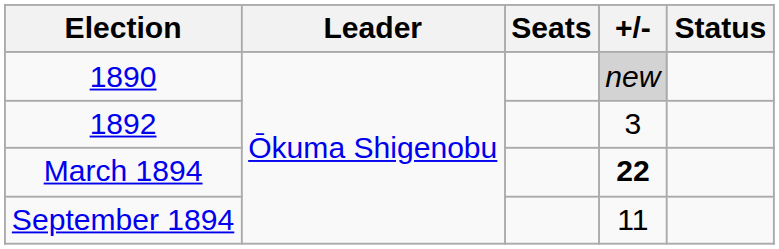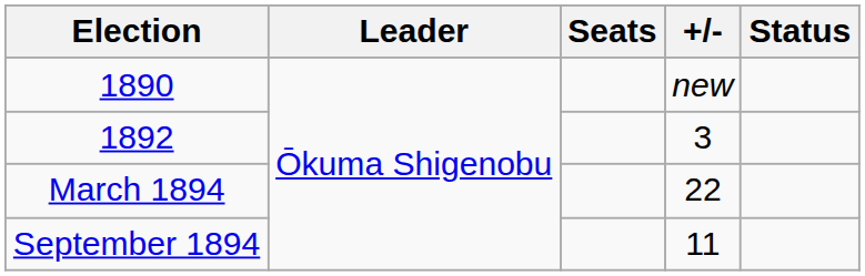 <table class="wikitable" style="text-align:center">
 <tr>
 <th>Election</th>
 <th>Leader</th>
 <th>Seats</th>
 <th>+/-</th>
 <th>Status</th>
 </tr>
 <tr>
 <td><a href='#'>1890</a></td>
 <td rowspan="5"><a href='#'>Ōkuma Shigenobu</a></td>
 <td></td>
-<td style="background: lightgrey;"><em>new</em></td>
+<td><em>new</em></td>
 <td></td>
 </tr>
 <tr>
 <td><a href='#'>1892</a></td>
 <td></td>
 <td> 3</td>
 <td></td>
 </tr>
 <tr>
 <td><a href='#'>March 1894</a></td>
 <td></td>
-<td><strong> 22</strong></td>
+<td> 22</td>
 <td></td>
 </tr>
 <tr>
 <td><a href='#'>September 1894</a></td>
 <td></td>
 <td> 11</td>
 <td></td>
 </tr>
 </table>
